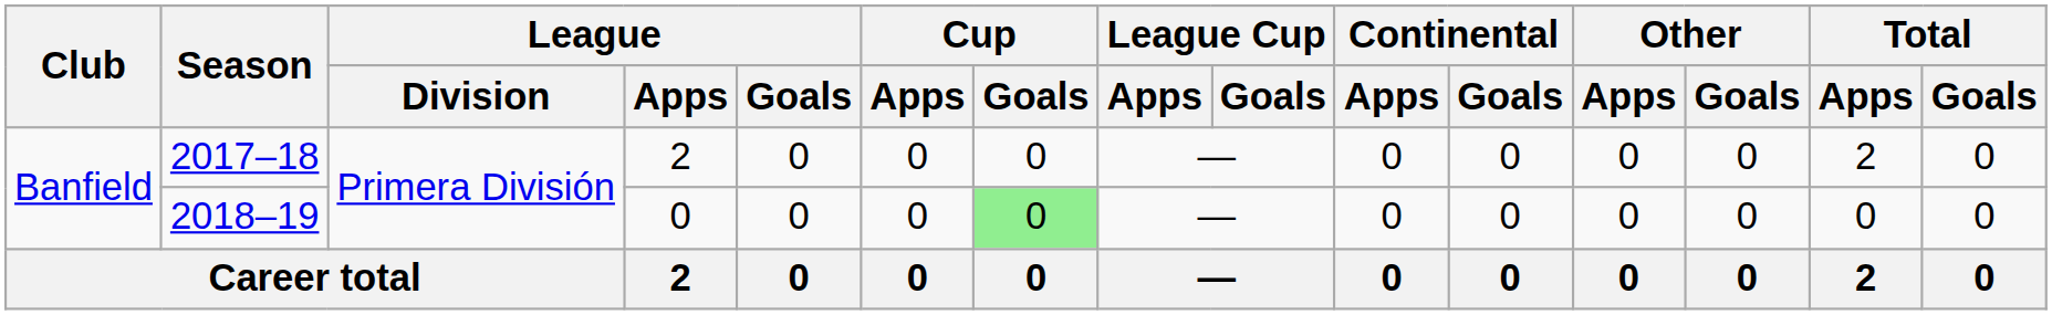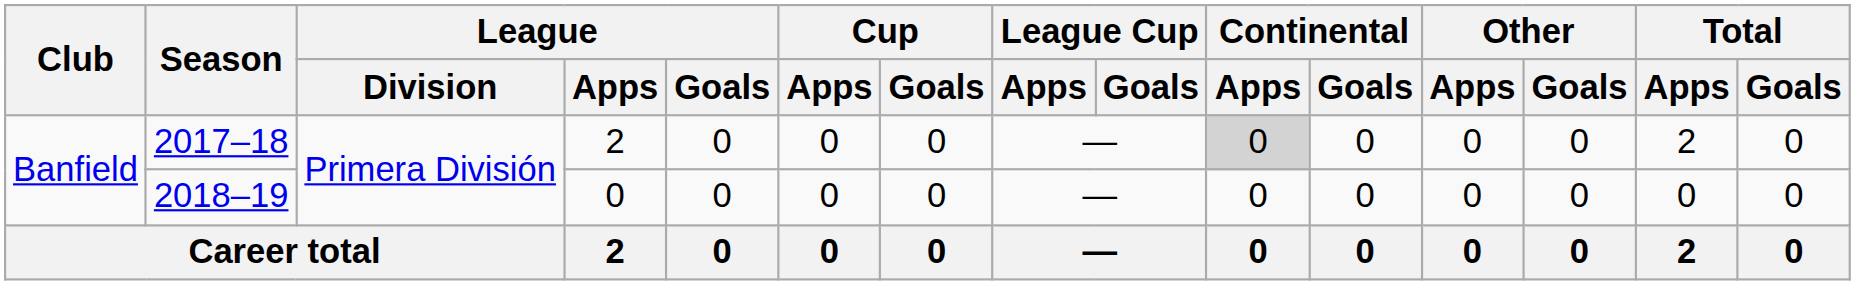 <table class="wikitable" style="text-align:center">
 <tr>
 <th rowspan="2">Club</th>
 <th rowspan="2">Season</th>
 <th colspan="3">League</th>
 <th colspan="2">Cup</th>
 <th colspan="2">League Cup</th>
 <th colspan="2">Continental</th>
 <th colspan="2">Other</th>
 <th colspan="2">Total</th>
 </tr>
 <tr>
 <th>Division</th>
 <th>Apps</th>
 <th>Goals</th>
 <th>Apps</th>
 <th>Goals</th>
 <th>Apps</th>
 <th>Goals</th>
 <th>Apps</th>
 <th>Goals</th>
 <th>Apps</th>
 <th>Goals</th>
 <th>Apps</th>
 <th>Goals</th>
 </tr>
 <tr>
 <td rowspan="2"><a href='#'>Banfield</a></td>
 <td><a href='#'>2017–18</a></td>
 <td rowspan="2"><a href='#'>Primera División</a></td>
 <td>2</td>
 <td>0</td>
 <td>0</td>
 <td>0</td>
 <td colspan="2">—</td>
-<td>0</td>
+<td style="background: lightgrey;">0</td>
 <td>0</td>
 <td>0</td>
 <td>0</td>
 <td>2</td>
 <td>0</td>
 </tr>
 <tr>
 <td><a href='#'>2018–19</a></td>
 <td>0</td>
 <td>0</td>
 <td>0</td>
-<td style="background: lightgreen;">0</td>
+<td>0</td>
 <td colspan="2">—</td>
 <td>0</td>
 <td>0</td>
 <td>0</td>
 <td>0</td>
 <td>0</td>
 <td>0</td>
 </tr>
 <tr>
 <th colspan="3">Career total</th>
 <th>2</th>
 <th>0</th>
 <th>0</th>
 <th>0</th>
 <th colspan="2">—</th>
 <th>0</th>
 <th>0</th>
 <th>0</th>
 <th>0</th>
 <th>2</th>
 <th>0</th>
 </tr>
 </table>
